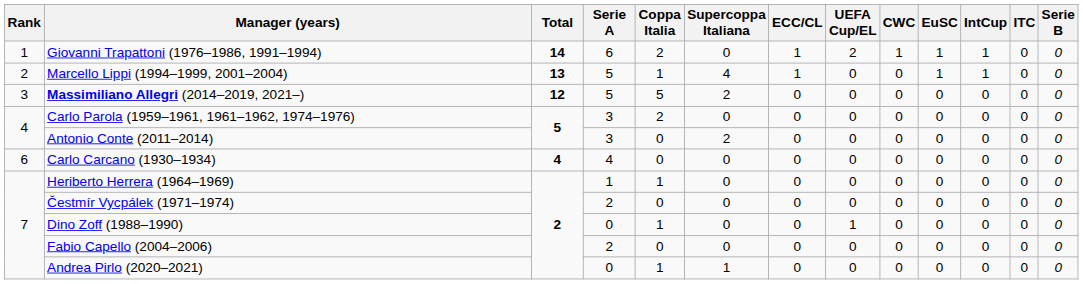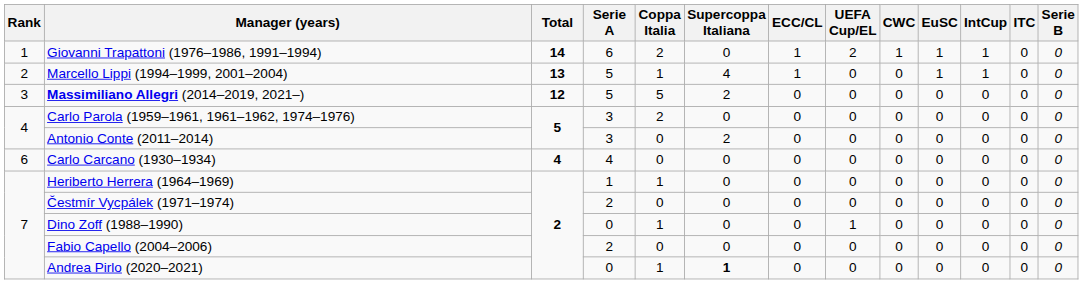 <table class="wikitable sortable" width="100%" style="font-size:100%; text-align: center;">
 <tr>
 <th width="2%">Rank</th>
 <th width="50%">Manager (years)</th>
 <th width="5%">Total</th>
 <th width="5%">Serie A</th>
 <th width="4%">Coppa Italia</th>
 <th width="2%">Supercoppa Italiana</th>
 <th width="2%">ECC/CL</th>
 <th width="2%">UEFA Cup/EL</th>
 <th width="2%">CWC</th>
 <th width="2%">EuSC</th>
 <th width="2%">IntCup</th>
 <th width="2%">ITC</th>
 <th width="3%">Serie B</th>
 </tr>
 <tr>
 <td>1</td>
 <td style="text-align:left;"> <a href='#'>Giovanni Trapattoni</a> (1976–1986, 1991–1994)</td>
 <td><strong>14</strong></td>
 <td>6</td>
 <td>2</td>
 <td>0</td>
 <td>1</td>
 <td>2</td>
 <td>1</td>
 <td>1</td>
 <td>1</td>
 <td>0</td>
 <td><em>0</em></td>
 </tr>
 <tr>
 <td>2</td>
 <td style="text-align:left;"> <a href='#'>Marcello Lippi</a> (1994–1999, 2001–2004)</td>
 <td><strong>13</strong></td>
 <td>5</td>
 <td>1</td>
 <td>4</td>
 <td>1</td>
 <td>0</td>
 <td>0</td>
 <td>1</td>
 <td>1</td>
 <td>0</td>
 <td><em>0</em></td>
 </tr>
 <tr>
 <td>3</td>
 <td style="text-align:left;"> <strong><a href='#'>Massimiliano Allegri</a></strong> (2014–2019, 2021–)</td>
 <td><strong>12</strong></td>
 <td>5</td>
 <td>5</td>
 <td>2</td>
 <td>0</td>
 <td>0</td>
 <td>0</td>
 <td>0</td>
 <td>0</td>
 <td>0</td>
 <td><em>0</em></td>
 </tr>
 <tr>
 <td rowspan="2">4</td>
 <td style="text-align:left;"> <a href='#'>Carlo Parola</a> (1959–1961, 1961–1962, 1974–1976)</td>
 <td rowspan="2"><strong>5</strong></td>
 <td>3</td>
 <td>2</td>
 <td>0</td>
 <td>0</td>
 <td>0</td>
 <td>0</td>
 <td>0</td>
 <td>0</td>
 <td>0</td>
 <td><em>0</em></td>
 </tr>
 <tr>
 <td style="text-align:left;"> <a href='#'>Antonio Conte</a> (2011–2014)</td>
 <td>3</td>
 <td>0</td>
 <td>2</td>
 <td>0</td>
 <td>0</td>
 <td>0</td>
 <td>0</td>
 <td>0</td>
 <td>0</td>
 <td><em>0</em></td>
 </tr>
 <tr>
 <td>6</td>
 <td style="text-align:left;"> <a href='#'>Carlo Carcano</a> (1930–1934)</td>
 <td><strong>4</strong></td>
 <td>4</td>
 <td>0</td>
 <td>0</td>
 <td>0</td>
 <td>0</td>
 <td>0</td>
 <td>0</td>
 <td>0</td>
 <td>0</td>
 <td><em>0</em></td>
 </tr>
 <tr>
 <td rowspan="5">7</td>
 <td style="text-align:left;"> <a href='#'>Heriberto Herrera</a> (1964–1969)</td>
 <td rowspan="5"><strong>2</strong></td>
 <td>1</td>
 <td>1</td>
 <td>0</td>
 <td>0</td>
 <td>0</td>
 <td>0</td>
 <td>0</td>
 <td>0</td>
 <td>0</td>
 <td><em>0</em></td>
 </tr>
 <tr>
 <td style="text-align:left;"> <a href='#'>Čestmír Vycpálek</a> (1971–1974)</td>
 <td>2</td>
 <td>0</td>
 <td>0</td>
 <td>0</td>
 <td>0</td>
 <td>0</td>
 <td>0</td>
 <td>0</td>
 <td>0</td>
 <td><em>0</em></td>
 </tr>
 <tr>
 <td style="text-align:left;"> <a href='#'>Dino Zoff</a> (1988–1990)</td>
 <td>0</td>
 <td>1</td>
 <td>0</td>
 <td>0</td>
 <td>1</td>
 <td>0</td>
 <td>0</td>
 <td>0</td>
 <td>0</td>
 <td><em>0</em></td>
 </tr>
 <tr>
 <td style="text-align:left;"> <a href='#'>Fabio Capello</a> (2004–2006)</td>
 <td>2</td>
 <td>0</td>
 <td>0</td>
 <td>0</td>
 <td>0</td>
 <td>0</td>
 <td>0</td>
 <td>0</td>
 <td>0</td>
 <td><em>0</em></td>
 </tr>
 <tr>
 <td style="text-align:left;"> <a href='#'>Andrea Pirlo</a> (2020–2021)</td>
 <td>0</td>
 <td>1</td>
-<td>1</td>
+<td><strong>1</strong></td>
 <td>0</td>
 <td>0</td>
 <td>0</td>
 <td>0</td>
 <td>0</td>
 <td>0</td>
 <td><em>0</em></td>
 </tr>
 </table>
